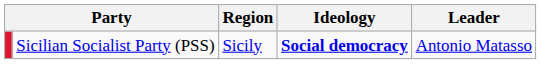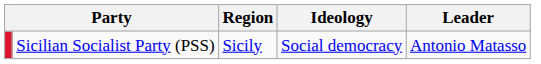 <table class=wikitable style=text-align:left>
 <tr>
 <th colspan=2>Party</th>
 <th>Region</th>
 <th>Ideology</th>
 <th>Leader</th>
 </tr>
 <tr>
 <td bgcolor="#Dc142f"></td>
 <td><a href='#'>Sicilian Socialist Party</a> (PSS)</td>
 <td><a href='#'>Sicily</a></td>
-<td><strong><a href='#'>Social democracy</a></strong></td>
+<td><a href='#'>Social democracy</a></td>
 <td><a href='#'>Antonio Matasso</a></td>
 </tr>
 </table>
